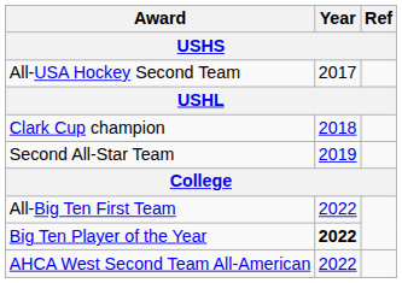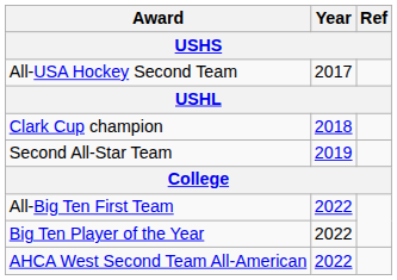 <table class="wikitable">
 <tr>
 <th>Award</th>
 <th>Year</th>
 <th>Ref</th>
 </tr>
 <tr>
 <th colspan="3"><a href='#'>USHS</a></th>
 </tr>
 <tr>
 <td>All-<a href='#'>USA Hockey</a> Second Team</td>
 <td>2017</td>
 <td></td>
 </tr>
 <tr>
 <th colspan="3"><a href='#'>USHL</a></th>
 </tr>
 <tr>
 <td><a href='#'>Clark Cup</a> champion</td>
 <td><a href='#'>2018</a></td>
 <td></td>
 </tr>
 <tr>
 <td>Second All-Star Team</td>
 <td><a href='#'>2019</a></td>
 <td></td>
 </tr>
 <tr>
 <th colspan="3"><a href='#'>College</a></th>
 </tr>
 <tr>
 <td>All-<a href='#'>Big Ten First Team</a></td>
 <td><a href='#'>2022</a></td>
 <td rowspan="2"></td>
 </tr>
 <tr>
 <td><a href='#'>Big Ten Player of the Year</a></td>
-<td><strong>2022</strong></td>
+<td>2022</td>
 </tr>
 <tr>
 <td><a href='#'>AHCA West Second Team All-American</a></td>
 <td><a href='#'>2022</a></td>
 <td></td>
 </tr>
 </table>
